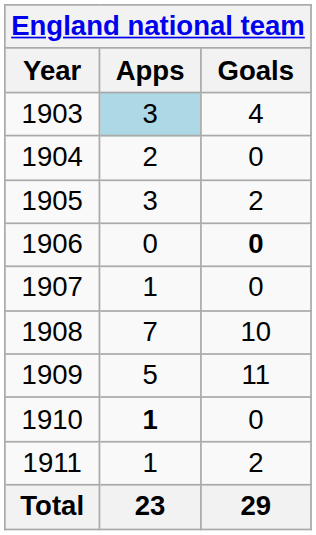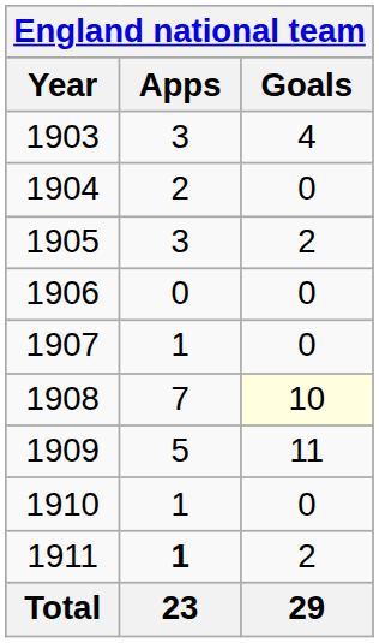 <table class="wikitable" style="text-align:center">
 <tr>
 <th colspan=3><a href='#'>England national team</a></th>
 </tr>
 <tr>
 <th>Year</th>
 <th>Apps</th>
 <th>Goals</th>
 </tr>
 <tr>
 <td>1903</td>
-<td style="background: lightblue;">3</td>
+<td>3</td>
 <td>4</td>
 </tr>
 <tr>
 <td>1904</td>
 <td>2</td>
 <td>0</td>
 </tr>
 <tr>
 <td>1905</td>
 <td>3</td>
 <td>2</td>
 </tr>
 <tr>
 <td>1906</td>
 <td>0</td>
-<td><strong>0</strong></td>
+<td>0</td>
 </tr>
 <tr>
 <td>1907</td>
 <td>1</td>
 <td>0</td>
 </tr>
 <tr>
 <td>1908</td>
 <td>7</td>
-<td>10</td>
+<td style="background: lightyellow;">10</td>
 </tr>
 <tr>
 <td>1909</td>
 <td>5</td>
 <td>11</td>
 </tr>
 <tr>
 <td>1910</td>
-<td><strong>1</strong></td>
+<td>1</td>
 <td>0</td>
 </tr>
 <tr>
 <td>1911</td>
-<td>1</td>
+<td><strong>1</strong></td>
 <td>2</td>
 </tr>
 <tr>
 <th>Total</th>
 <th>23</th>
 <th>29</th>
 </tr>
 </table>
